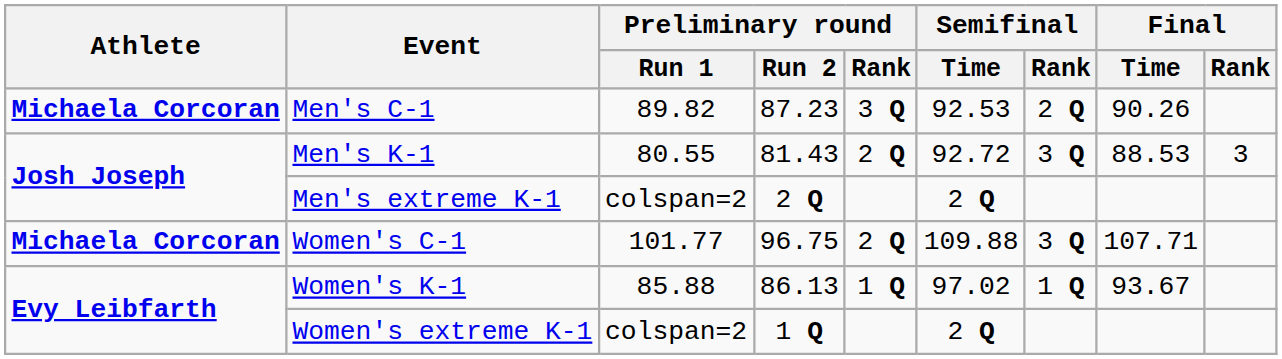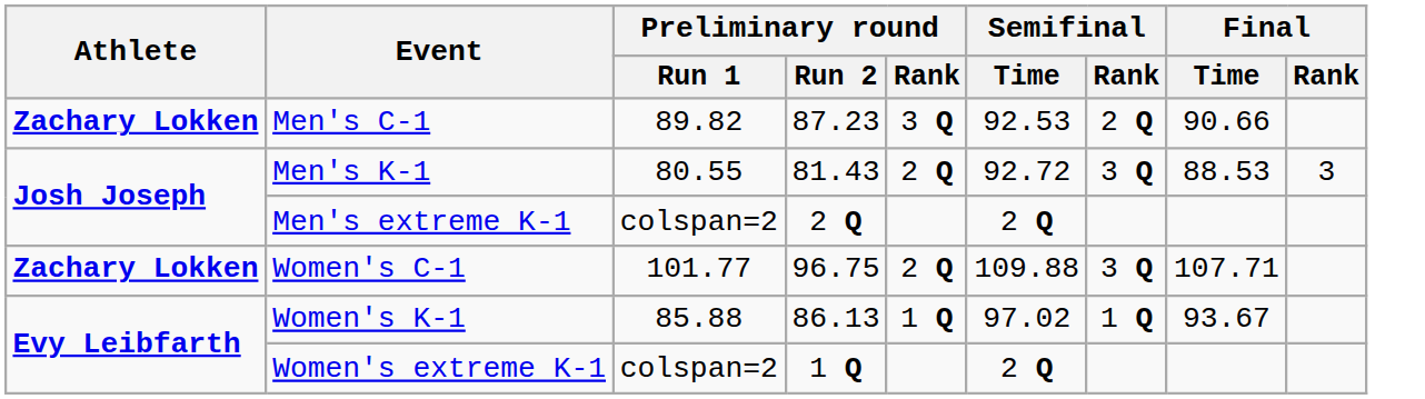 <table class=wikitable style=font-size:90%;text-align:center>
 <tr>
 <th rowspan=2>Athlete</th>
 <th rowspan=2>Event</th>
 <th colspan=3>Preliminary round</th>
 <th colspan=2>Semifinal</th>
 <th colspan=2>Final</th>
 </tr>
 <tr style=font-size:95%>
 <th>Run 1</th>
 <th>Run 2</th>
 <th>Rank</th>
 <th>Time</th>
 <th>Rank</th>
 <th>Time</th>
 <th>Rank</th>
 </tr>
 <tr>
-<td align=left><strong><a href='#'>Michaela Corcoran</a></strong></td>
+<td align=left><strong><a href='#'>Zachary Lokken</a></strong></td>
 <td align=left><a href='#'>Men's C-1</a></td>
 <td>89.82</td>
 <td>87.23</td>
 <td>3 <strong>Q</strong></td>
 <td>92.53</td>
 <td>2 <strong>Q</strong></td>
-<td>90.26</td>
+<td>90.66</td>
 <td></td>
 </tr>
 <tr>
 <td align=left rowspan=2><strong><a href='#'>Josh Joseph</a></strong></td>
 <td align=left><a href='#'>Men's K-1</a></td>
 <td>80.55</td>
 <td>81.43</td>
 <td>2 <strong>Q</strong></td>
 <td>92.72</td>
 <td>3 <strong>Q</strong></td>
 <td>88.53</td>
 <td>3</td>
 </tr>
 <tr>
 <td align=left><a href='#'>Men's extreme K-1</a></td>
 <td>colspan=2 </td>
 <td>2 <strong>Q</strong></td>
 <td></td>
 <td>2 <strong>Q</strong></td>
 <td></td>
 <td></td>
 </tr>
 <tr>
-<td align=left><strong><a href='#'>Michaela Corcoran</a></strong></td>
+<td align=left><strong><a href='#'>Zachary Lokken</a></strong></td>
 <td align=left><a href='#'>Women's C-1</a></td>
 <td>101.77</td>
 <td>96.75</td>
 <td>2 <strong>Q</strong></td>
 <td>109.88</td>
 <td>3 <strong>Q</strong></td>
 <td>107.71</td>
 <td></td>
 </tr>
 <tr>
 <td align=left rowspan=2><strong><a href='#'>Evy Leibfarth</a></strong></td>
 <td align=left><a href='#'>Women's K-1</a></td>
 <td>85.88</td>
 <td>86.13</td>
 <td>1 <strong>Q</strong></td>
 <td>97.02</td>
 <td>1 <strong>Q</strong></td>
 <td>93.67</td>
 <td></td>
 </tr>
 <tr>
 <td align=left><a href='#'>Women's extreme K-1</a></td>
 <td>colspan=2 </td>
 <td>1 <strong>Q</strong></td>
 <td></td>
 <td>2 <strong>Q</strong></td>
 <td></td>
 <td></td>
 </tr>
 </table>
